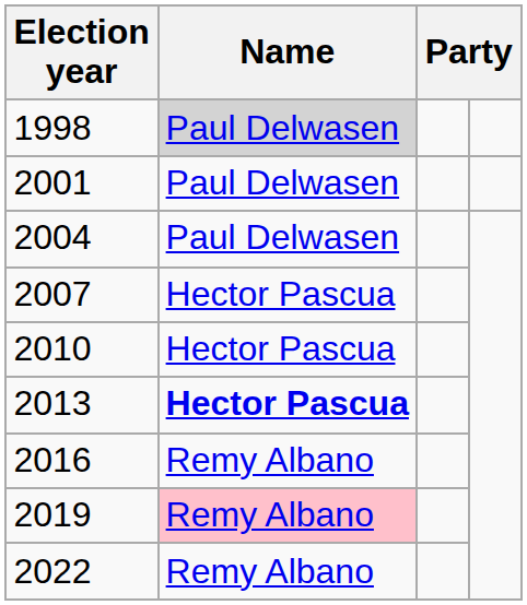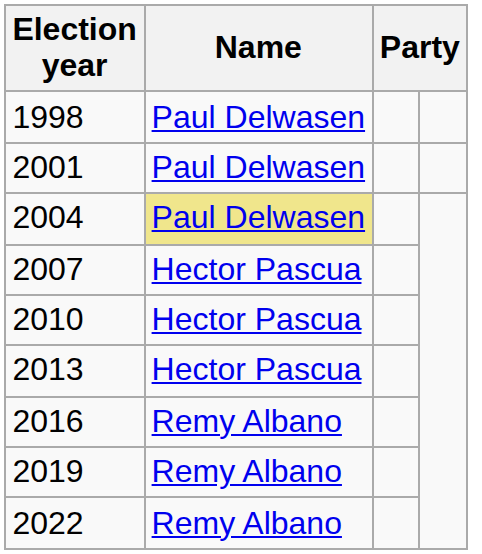 <table class=wikitable>
 <tr>
 <th>Election<br>year</th>
 <th>Name</th>
 <th colspan=2>Party</th>
 </tr>
 <tr>
 <td>1998</td>
-<td style="background: lightgrey;"><a href='#'>Paul Delwasen</a></td>
+<td><a href='#'>Paul Delwasen</a></td>
 <td></td>
 <td></td>
 </tr>
 <tr>
 <td>2001</td>
 <td><a href='#'>Paul Delwasen</a></td>
 <td></td>
 <td></td>
 </tr>
 <tr>
 <td>2004</td>
-<td><a href='#'>Paul Delwasen</a></td>
+<td style="background: khaki;"><a href='#'>Paul Delwasen</a></td>
 <td></td>
 </tr>
 <tr>
 <td>2007</td>
 <td><a href='#'>Hector Pascua</a></td>
 <td></td>
 </tr>
 <tr>
 <td>2010</td>
 <td><a href='#'>Hector Pascua</a></td>
 <td></td>
 </tr>
 <tr>
 <td>2013</td>
-<td><strong><a href='#'>Hector Pascua</a></strong></td>
+<td><a href='#'>Hector Pascua</a></td>
 <td></td>
 </tr>
 <tr>
 <td>2016</td>
 <td><a href='#'>Remy Albano</a></td>
 <td></td>
 </tr>
 <tr>
 <td>2019</td>
-<td style="background: pink;"><a href='#'>Remy Albano</a></td>
+<td><a href='#'>Remy Albano</a></td>
 <td></td>
 </tr>
 <tr>
 <td>2022</td>
 <td><a href='#'>Remy Albano</a></td>
 <td></td>
 </tr>
 </table>
